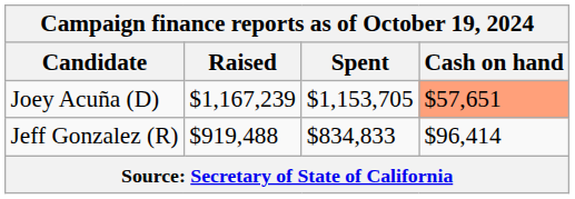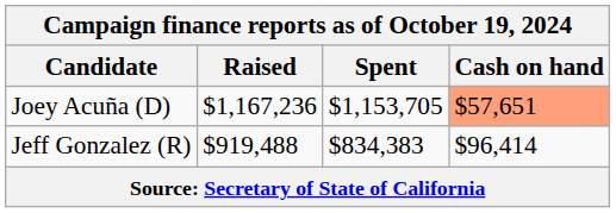 <table class="wikitable sortable">
 <tr>
 <th colspan=4>Campaign finance reports as of October 19, 2024</th>
 </tr>
 <tr style="text-align:center;">
 <th>Candidate</th>
 <th>Raised</th>
 <th>Spent</th>
 <th>Cash on hand</th>
 </tr>
 <tr>
 <td style="color:black;background-color:">Joey Acuña (D)</td>
-<td>$1,167,239</td>
+<td>$1,167,236</td>
 <td>$1,153,705</td>
 <td style="background: lightsalmon;">$57,651</td>
 </tr>
 <tr>
 <td style="background-color:">Jeff Gonzalez (R)</td>
 <td>$919,488</td>
-<td>$834,833</td>
+<td>$834,383</td>
 <td>$96,414</td>
 </tr>
 <tr>
 <th colspan="4"><small>Source: <a href='#'>Secretary of State of California</a></small></th>
 </tr>
 </table>
